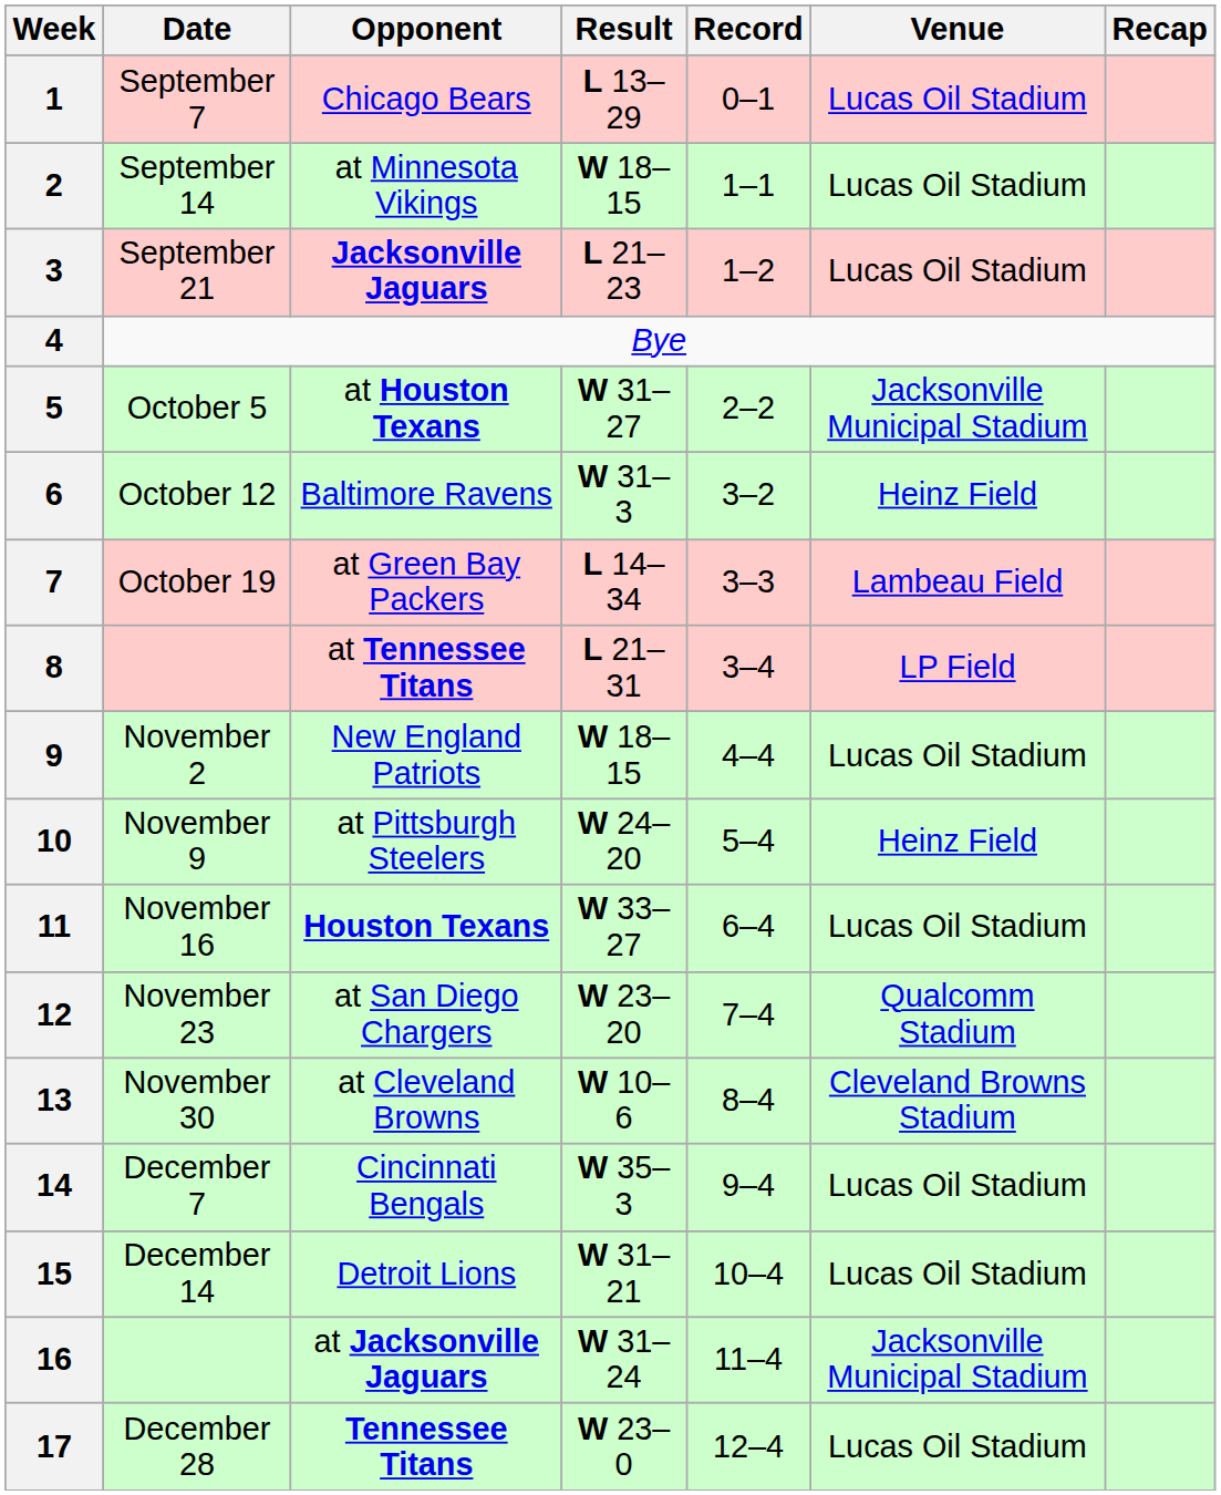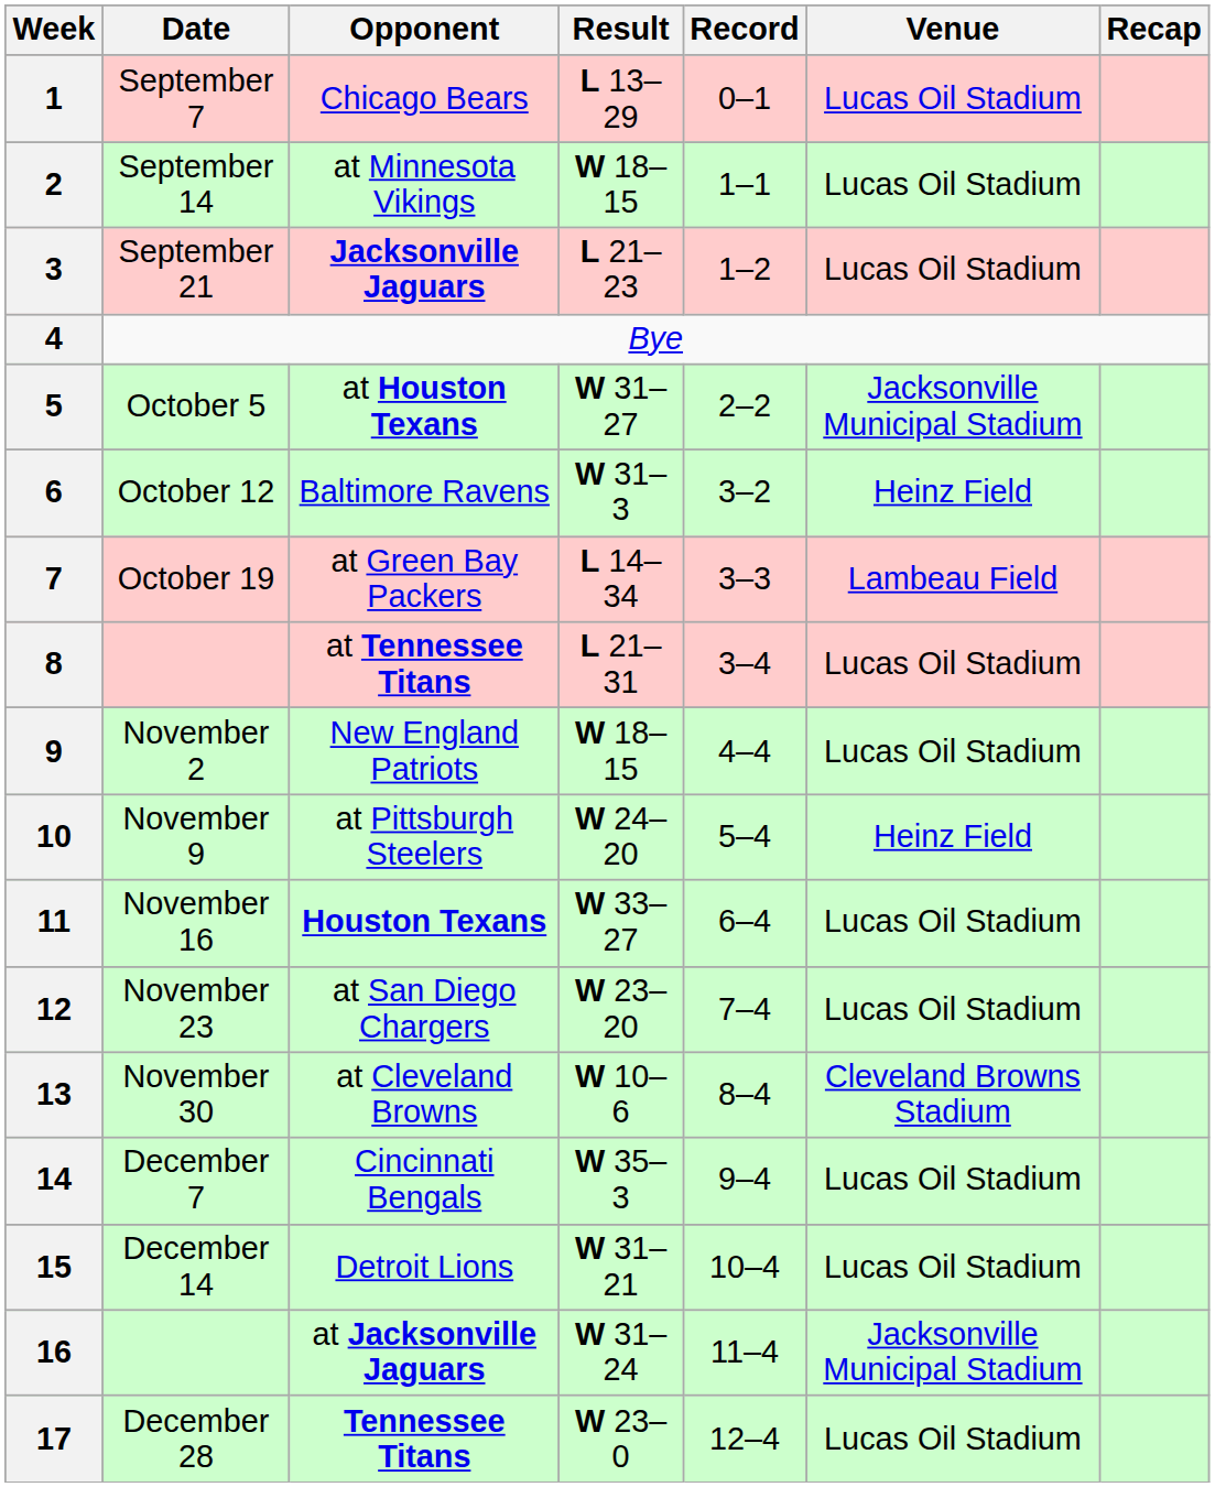 <table class="wikitable" style="text-align:center">
 <tr>
 <th>Week</th>
 <th>Date</th>
 <th>Opponent</th>
 <th>Result</th>
 <th>Record</th>
 <th>Venue</th>
 <th>Recap</th>
 </tr>
 <tr style="background:#fcc; text-align:center;">
 <th>1</th>
 <td>September 7</td>
 <td><a href='#'>Chicago Bears</a></td>
 <td><strong>L</strong> 13–29</td>
 <td>0–1</td>
 <td><a href='#'>Lucas Oil Stadium</a></td>
 <td></td>
 </tr>
 <tr style="background:#cfc; text-align:center;">
 <th>2</th>
 <td>September 14</td>
 <td>at <a href='#'>Minnesota Vikings</a></td>
 <td><strong>W</strong> 18–15</td>
 <td>1–1</td>
 <td>Lucas Oil Stadium</td>
 <td></td>
 </tr>
 <tr style="background:#fcc; text-align:center;">
 <th>3</th>
 <td>September 21</td>
 <td><strong><a href='#'>Jacksonville Jaguars</a></strong></td>
 <td><strong>L</strong> 21–23</td>
 <td>1–2</td>
 <td>Lucas Oil Stadium</td>
 <td></td>
 </tr>
 <tr>
 <th style="text-align:center;">4</th>
 <td colspan="6"  style="text-align:center; vertical-align:middle;"><em><a href='#'>Bye</a></em></td>
 </tr>
 <tr style="background:#cfc; text-align:center;">
 <th>5</th>
 <td>October 5</td>
 <td>at <strong><a href='#'>Houston Texans</a></strong></td>
 <td><strong>W</strong> 31–27</td>
 <td>2–2</td>
 <td><a href='#'>Jacksonville Municipal Stadium</a></td>
 <td></td>
 </tr>
 <tr style="background:#cfc; text-align:center;">
 <th>6</th>
 <td>October 12</td>
 <td><a href='#'>Baltimore Ravens</a></td>
 <td><strong>W</strong> 31–3</td>
 <td>3–2</td>
 <td><a href='#'>Heinz Field</a></td>
 <td></td>
 </tr>
 <tr style="background:#fcc; text-align:center;">
 <th>7</th>
 <td>October 19</td>
 <td>at <a href='#'>Green Bay Packers</a></td>
 <td><strong>L</strong> 14–34</td>
 <td>3–3</td>
 <td><a href='#'>Lambeau Field</a></td>
 <td></td>
 </tr>
 <tr style="background:#fcc; text-align:center;">
 <th>8</th>
 <td></td>
 <td>at <strong><a href='#'>Tennessee Titans</a></strong></td>
 <td><strong>L</strong> 21–31</td>
 <td>3–4</td>
-<td><a href='#'>LP Field</a></td>
+<td>Lucas Oil Stadium</td>
 <td></td>
 </tr>
 <tr style="background:#cfc; text-align:center;">
 <th>9</th>
 <td>November 2</td>
 <td><a href='#'>New England Patriots</a></td>
 <td><strong>W</strong> 18–15</td>
 <td>4–4</td>
 <td>Lucas Oil Stadium</td>
 <td></td>
 </tr>
 <tr style="background:#cfc; text-align:center;">
 <th>10</th>
 <td>November 9</td>
 <td>at <a href='#'>Pittsburgh Steelers</a></td>
 <td><strong>W</strong> 24–20</td>
 <td>5–4</td>
 <td><a href='#'>Heinz Field</a></td>
 <td></td>
 </tr>
 <tr style="background:#cfc; text-align:center;">
 <th>11</th>
 <td>November 16</td>
 <td><strong><a href='#'>Houston Texans</a></strong></td>
 <td><strong>W</strong> 33–27</td>
 <td>6–4</td>
 <td>Lucas Oil Stadium</td>
 <td></td>
 </tr>
 <tr style="background:#cfc; text-align:center;">
 <th>12</th>
 <td>November 23</td>
 <td>at <a href='#'>San Diego Chargers</a></td>
 <td><strong>W</strong> 23–20</td>
 <td>7–4</td>
-<td><a href='#'>Qualcomm Stadium</a></td>
+<td>Lucas Oil Stadium</td>
 <td></td>
 </tr>
 <tr style="background:#cfc; text-align:center;">
 <th>13</th>
 <td>November 30</td>
 <td>at <a href='#'>Cleveland Browns</a></td>
 <td><strong>W</strong> 10–6</td>
 <td>8–4</td>
 <td><a href='#'>Cleveland Browns Stadium</a></td>
 <td></td>
 </tr>
 <tr style="background:#cfc; text-align:center;">
 <th>14</th>
 <td>December 7</td>
 <td><a href='#'>Cincinnati Bengals</a></td>
 <td><strong>W</strong> 35–3</td>
 <td>9–4</td>
 <td>Lucas Oil Stadium</td>
 <td></td>
 </tr>
 <tr style="background:#cfc; text-align:center;">
 <th>15</th>
 <td>December 14</td>
 <td><a href='#'>Detroit Lions</a></td>
 <td><strong>W</strong> 31–21</td>
 <td>10–4</td>
 <td>Lucas Oil Stadium</td>
 <td></td>
 </tr>
 <tr style="background:#cfc; text-align:center;">
 <th>16</th>
 <td></td>
 <td>at <strong><a href='#'>Jacksonville Jaguars</a></strong></td>
 <td><strong>W</strong> 31–24</td>
 <td>11–4</td>
 <td><a href='#'>Jacksonville Municipal Stadium</a></td>
 <td></td>
 </tr>
 <tr style="background:#cfc; text-align:center;">
 <th>17</th>
 <td>December 28</td>
 <td><strong><a href='#'>Tennessee Titans</a></strong></td>
 <td><strong>W</strong> 23–0</td>
 <td>12–4</td>
 <td>Lucas Oil Stadium</td>
 <td></td>
 </tr>
 </table>
